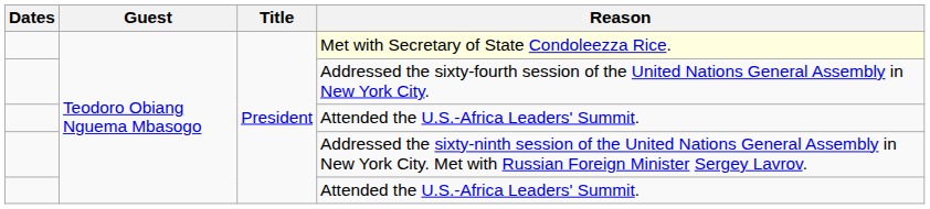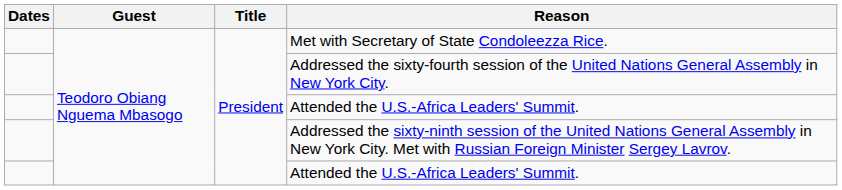 <table class="wikitable sortable">
 <tr>
 <th>Dates</th>
 <th>Guest</th>
 <th>Title</th>
 <th>Reason</th>
 </tr>
 <tr>
 <td></td>
 <td rowspan=5><a href='#'>Teodoro Obiang Nguema Mbasogo</a></td>
 <td rowspan=5><a href='#'>President</a></td>
-<td style="background: lightyellow;">Met with Secretary of State <a href='#'>Condoleezza Rice</a>.</td>
+<td>Met with Secretary of State <a href='#'>Condoleezza Rice</a>.</td>
 </tr>
 <tr>
 <td></td>
 <td>Addressed the sixty-fourth session of the <a href='#'>United Nations General Assembly</a> in <a href='#'>New York City</a>.</td>
 </tr>
 <tr>
 <td></td>
 <td>Attended the <a href='#'>U.S.-Africa Leaders' Summit</a>.</td>
 </tr>
 <tr>
 <td></td>
 <td>Addressed the <a href='#'>sixty-ninth session of the United Nations General Assembly</a> in New York City. Met with <a href='#'>Russian Foreign Minister</a> <a href='#'>Sergey Lavrov</a>.</td>
 </tr>
 <tr>
 <td></td>
 <td>Attended the <a href='#'>U.S.-Africa Leaders' Summit</a>.</td>
 </tr>
 </table>
